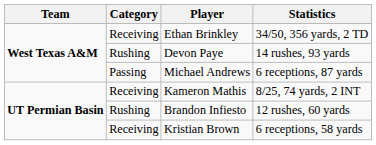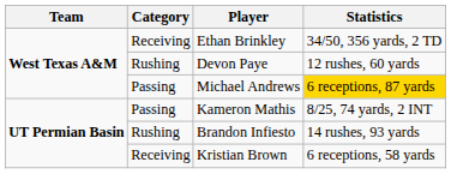 <table class="wikitable" style="float: left;">
 <tr>
 <th>Team</th>
 <th>Category</th>
 <th>Player</th>
 <th>Statistics</th>
 </tr>
 <tr>
 <td rowspan=3><strong>West Texas A&M</strong></td>
 <td>Receiving</td>
 <td>Ethan Brinkley</td>
 <td>34/50, 356 yards, 2 TD</td>
 </tr>
 <tr>
 <td>Rushing</td>
 <td>Devon Paye</td>
-<td>14 rushes, 93 yards</td>
+<td>12 rushes, 60 yards</td>
 </tr>
 <tr>
 <td>Passing</td>
 <td>Michael Andrews</td>
-<td>6 receptions, 87 yards</td>
+<td style="background: gold;">6 receptions, 87 yards</td>
 </tr>
 <tr>
 <td rowspan=3><strong>UT Permian Basin</strong></td>
-<td>Receiving</td>
+<td>Passing</td>
 <td>Kameron Mathis</td>
 <td>8/25, 74 yards, 2 INT</td>
 </tr>
 <tr>
 <td>Rushing</td>
 <td>Brandon Infiesto</td>
-<td>12 rushes, 60 yards</td>
+<td>14 rushes, 93 yards</td>
 </tr>
 <tr>
 <td>Receiving</td>
 <td>Kristian Brown</td>
 <td>6 receptions, 58 yards</td>
 </tr>
 </table>
